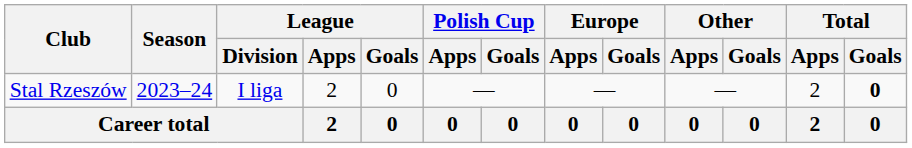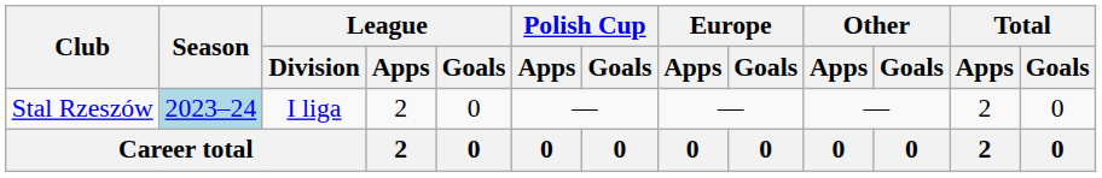 <table class="wikitable" style="text-align: center;">
 <tr>
 <th rowspan="2">Club</th>
 <th rowspan="2">Season</th>
 <th colspan="3">League</th>
 <th colspan="2"><a href='#'>Polish Cup</a></th>
 <th colspan="2">Europe</th>
 <th colspan="2">Other</th>
 <th colspan="2">Total</th>
 </tr>
 <tr>
 <th>Division</th>
 <th>Apps</th>
 <th>Goals</th>
 <th>Apps</th>
 <th>Goals</th>
 <th>Apps</th>
 <th>Goals</th>
 <th>Apps</th>
 <th>Goals</th>
 <th>Apps</th>
 <th>Goals</th>
 </tr>
 <tr>
 <td><a href='#'>Stal Rzeszów</a></td>
-<td><a href='#'>2023–24</a></td>
+<td style="background: lightblue;"><a href='#'>2023–24</a></td>
 <td><a href='#'>I liga</a></td>
 <td>2</td>
 <td>0</td>
 <td colspan="2">—</td>
 <td colspan="2">—</td>
 <td colspan="2">—</td>
 <td>2</td>
-<td><strong>0</strong></td>
+<td>0</td>
 </tr>
 <tr>
 <th colspan="3">Career total</th>
 <th>2</th>
 <th>0</th>
 <th>0</th>
 <th>0</th>
 <th>0</th>
 <th>0</th>
 <th>0</th>
 <th>0</th>
 <th>2</th>
 <th>0</th>
 </tr>
 </table>
